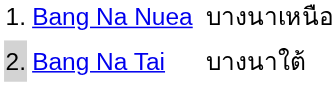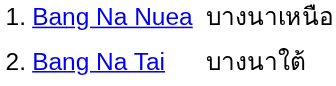 <table>
 <tr>
 <td>1.</td>
 <td><a href='#'>Bang Na Nuea</a> </td>
 <td>บางนาเหนือ</td>
 </tr>
 <tr>
-<td style="background: lightgrey;">2.</td>
+<td>2.</td>
 <td><a href='#'>Bang Na Tai</a> </td>
 <td>บางนาใต้</td>
 </tr>
 </table>
